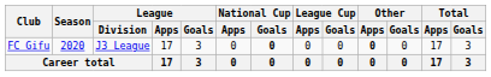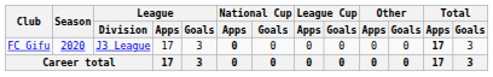 <table class="wikitable" style="text-align: center">
 <tr>
 <th rowspan="2">Club</th>
 <th rowspan="2">Season</th>
 <th colspan="3">League</th>
 <th colspan="2">National Cup</th>
 <th colspan="2">League Cup</th>
 <th colspan="2">Other</th>
 <th colspan="2">Total</th>
 </tr>
 <tr>
 <th>Division</th>
 <th>Apps</th>
 <th>Goals</th>
 <th>Apps</th>
 <th>Goals</th>
 <th>Apps</th>
 <th>Goals</th>
 <th>Apps</th>
 <th>Goals</th>
 <th>Apps</th>
 <th>Goals</th>
 </tr>
 <tr>
 <td><a href='#'>FC Gifu</a></td>
 <td><a href='#'>2020</a></td>
 <td><a href='#'>J3 League</a></td>
 <td>17</td>
 <td>3</td>
-<td>0</td>
 <td><strong>0</strong></td>
 <td>0</td>
 <td>0</td>
-<td><strong>0</strong></td>
 <td>0</td>
-<td>17</td>
+<td>0</td>
+<td>0</td>
+<td><strong>17</strong></td>
 <td>3</td>
 </tr>
 <tr>
 <th colspan=3>Career total</th>
 <th>17</th>
 <th>3</th>
 <th>0</th>
 <th>0</th>
 <th>0</th>
 <th>0</th>
 <th>0</th>
 <th>0</th>
 <th>17</th>
 <th>3</th>
 </tr>
 </table>
